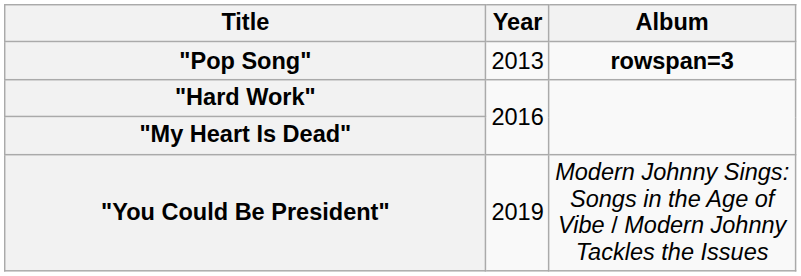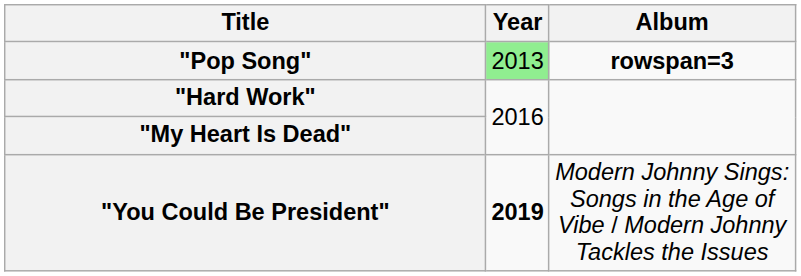 <table class="wikitable plainrowheaders" style="text-align:center;">
 <tr>
 <th rowspan="1" style="width:20em;">Title</th>
 <th rowspan="1" style="width:1em;">Year</th>
 <th rowspan="1" style="width:10em;">Album</th>
 </tr>
 <tr>
 <th scope="row">"Pop Song"</th>
-<td>2013</td>
+<td style="background: lightgreen;">2013</td>
 <td><strong>rowspan=3 </strong></td>
 </tr>
 <tr>
 <th scope="row">"Hard Work"</th>
 <td rowspan=2>2016</td>
 </tr>
 <tr>
 <th scope="row">"My Heart Is Dead"</th>
 </tr>
 <tr>
 <th scope="row">"You Could Be President"</th>
-<td>2019</td>
+<td><strong>2019</strong></td>
 <td><em>Modern Johnny Sings: Songs in the Age of Vibe</em> / <em>Modern Johnny Tackles the Issues</em></td>
 </tr>
 </table>
